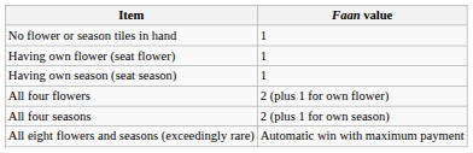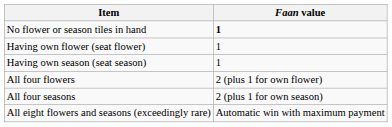 <table class="wikitable">
 <tr>
 <th>Item</th>
 <th><em>Faan</em> value</th>
 </tr>
 <tr>
 <td>No flower or season tiles in hand</td>
-<td>1</td>
+<td><strong>1</strong></td>
 </tr>
 <tr>
 <td>Having own flower (seat flower)</td>
 <td>1</td>
 </tr>
 <tr>
 <td>Having own season (seat season)</td>
 <td>1</td>
 </tr>
 <tr>
 <td>All four flowers</td>
 <td>2 (plus 1 for own flower)</td>
 </tr>
 <tr>
 <td>All four seasons</td>
 <td>2 (plus 1 for own season)</td>
 </tr>
 <tr>
 <td>All eight flowers and seasons (exceedingly rare)</td>
 <td>Automatic win with maximum payment</td>
 </tr>
 </table>
